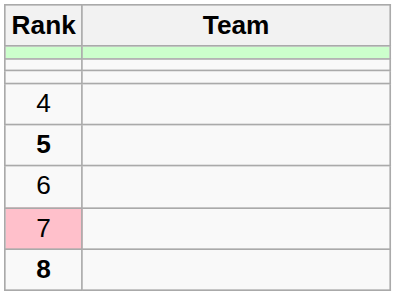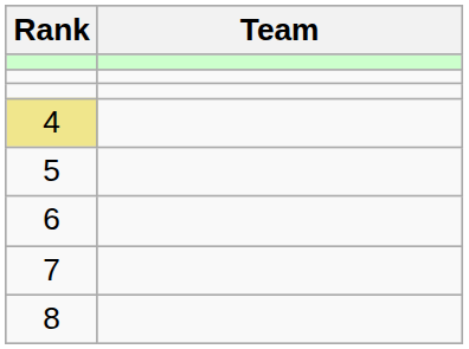 <table class="wikitable" style="text-align: center;">
 <tr>
 <th width=40>Rank</th>
 <th width=180>Team</th>
 </tr>
 <tr bgcolor=#ccffcc>
 <td></td>
 <td align="left"></td>
 </tr>
 <tr>
 <td></td>
 <td align="left"></td>
 </tr>
 <tr>
 <td></td>
 <td align=left></td>
 </tr>
 <tr>
-<td>4</td>
+<td style="background: khaki;">4</td>
 <td style="text-align:left;"></td>
 </tr>
 <tr>
-<td><strong>5</strong></td>
+<td>5</td>
 <td style="text-align:left;"></td>
 </tr>
 <tr>
 <td>6</td>
 <td style="text-align:left;"></td>
 </tr>
 <tr>
-<td style="background: pink;">7</td>
+<td>7</td>
 <td style="text-align:left;"></td>
 </tr>
 <tr>
-<td><strong>8</strong></td>
+<td>8</td>
 <td style="text-align:left;"></td>
 </tr>
 </table>
